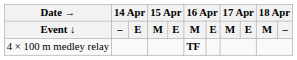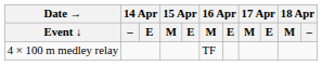 <table class="wikitable swimming-schedule floatleft">
 <tr>
 <th>Date →</th>
 <th colspan=2>14 Apr</th>
 <th colspan=2>15 Apr</th>
 <th colspan=2>16 Apr</th>
 <th colspan=2>17 Apr</th>
 <th colspan=2>18 Apr</th>
 </tr>
 <tr>
 <th>Event ↓</th>
 <th>–</th>
 <th>E</th>
 <th>M</th>
 <th>E</th>
 <th>M</th>
 <th>E</th>
 <th>M</th>
 <th>E</th>
 <th>M</th>
 <th>–</th>
 </tr>
 <tr>
 <td class=event>4 × 100 m medley relay</td>
 <td colspan=2></td>
 <td colspan=2></td>
-<td class=timed-final><strong>TF</strong></td>
+<td class=timed-final>TF</td>
 <td></td>
 <td colspan=2></td>
 <td colspan=2></td>
 </tr>
 </table>
